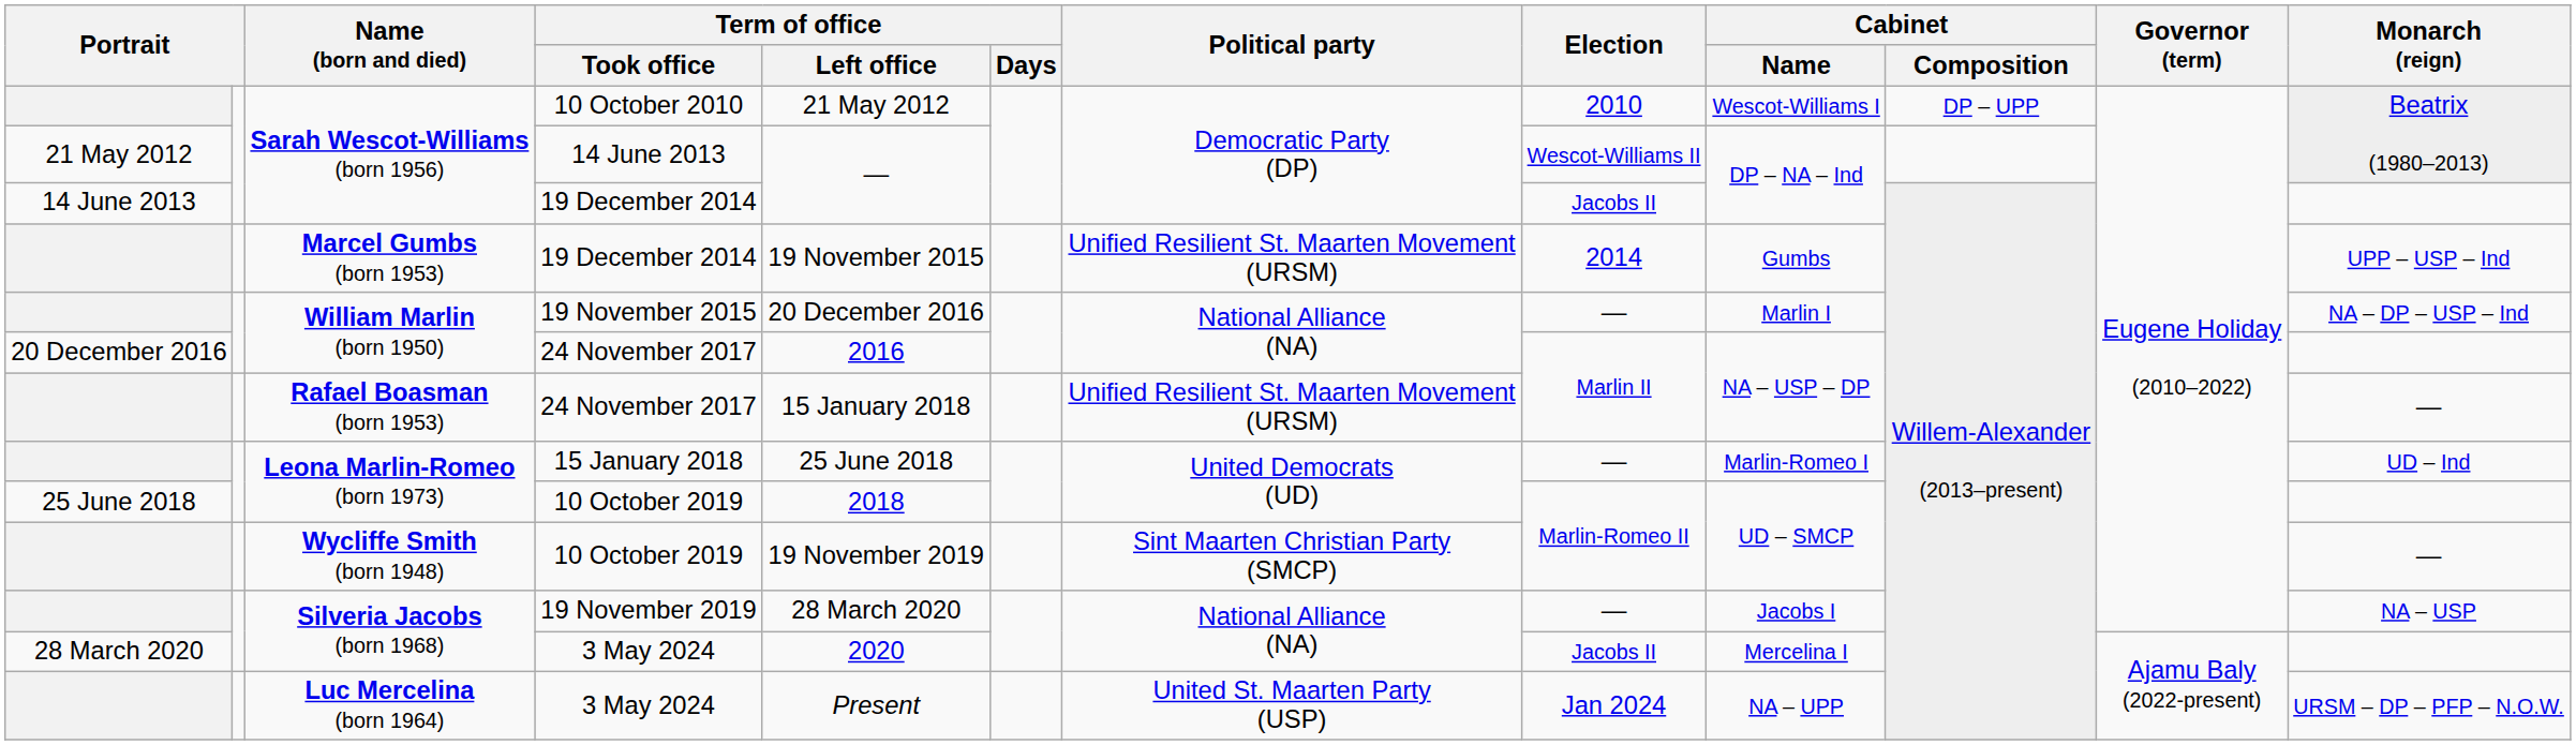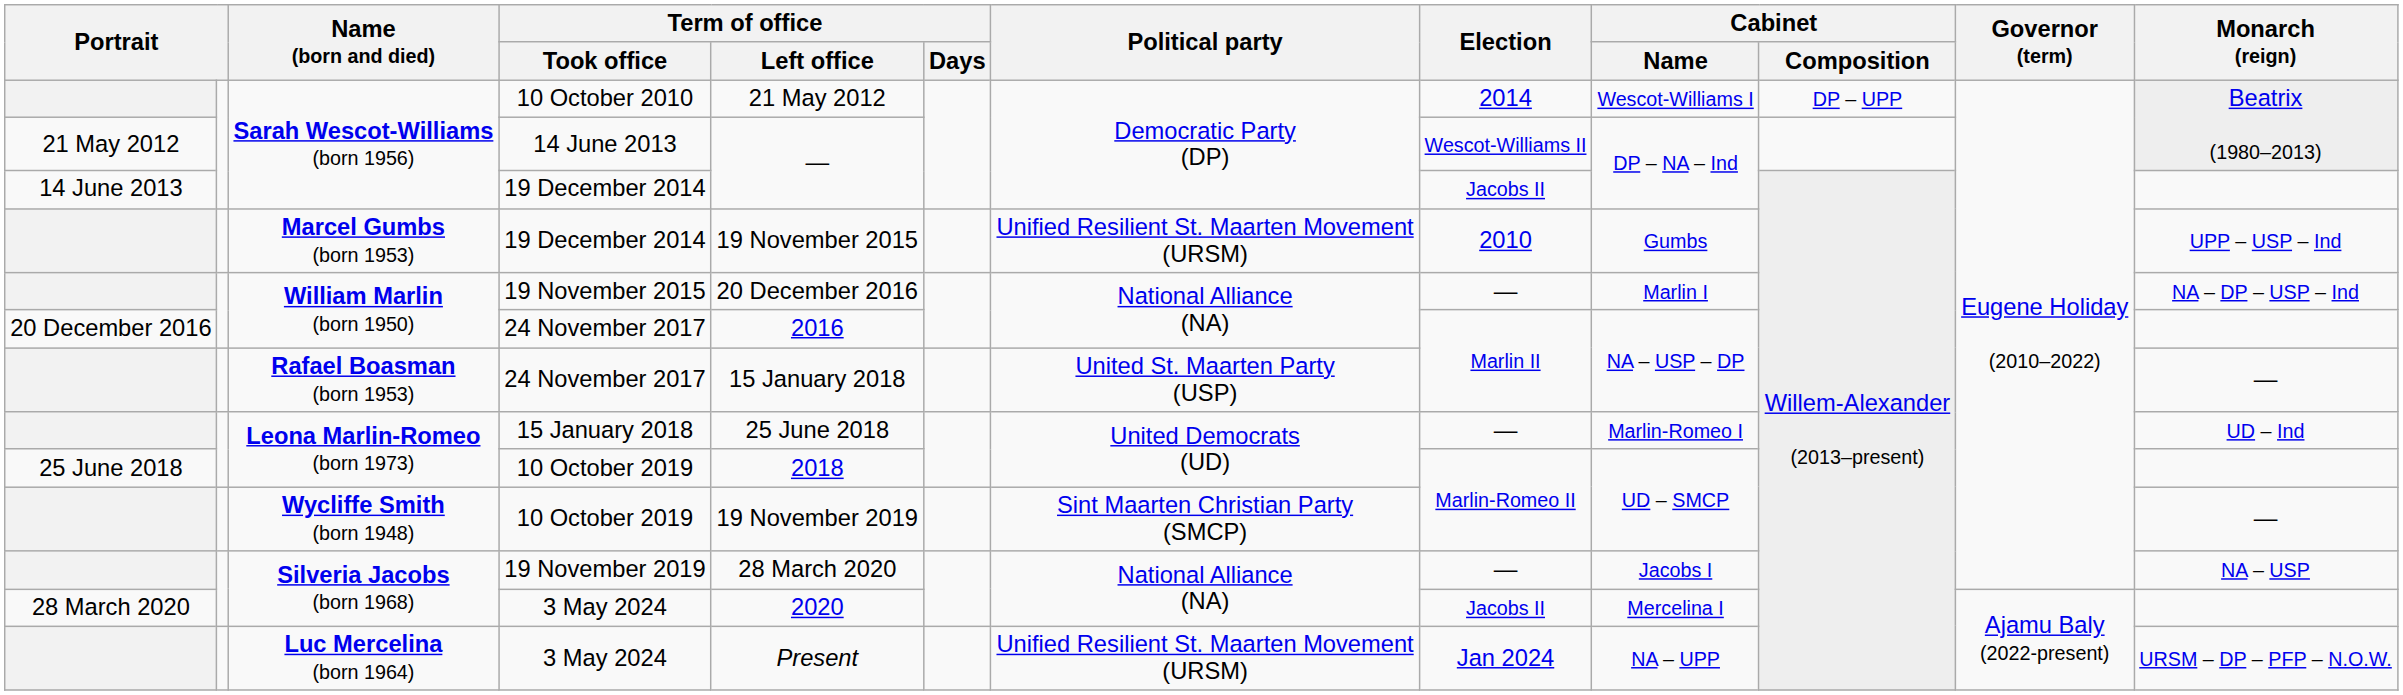 <table class="wikitable" style="text-align:center">
 <tr>
 <th rowspan=2 colspan=2>Portrait</th>
 <th rowspan=2>Name<br><small>(born and died)</small></th>
 <th colspan=3>Term of office</th>
 <th rowspan=2>Political party</th>
 <th rowspan=2>Election</th>
 <th colspan=2>Cabinet</th>
 <th rowspan=2>Governor<br><small>(term)</small></th>
 <th rowspan=2>Monarch<br><small>(reign)</small></th>
 </tr>
 <tr>
 <th>Took office</th>
 <th>Left office</th>
 <th>Days</th>
 <th>Name</th>
 <th>Composition</th>
 </tr>
 <tr>
 <th style="background:"></th>
 <td rowspan=3></td>
 <td rowspan=3><strong><a href='#'>Sarah Wescot-Williams</a></strong><br><small>(born 1956)</small></td>
 <td>10 October 2010</td>
 <td>21 May 2012</td>
 <td rowspan=3></td>
 <td rowspan=3><a href='#'>Democratic Party</a><br>(DP)</td>
-<td><a href='#'>2010</a></td>
+<td><a href='#'>2014</a></td>
 <td><small> <a href='#'>Wescot-Williams I</a></small></td>
 <td><small> <a href='#'>DP</a> – <a href='#'>UPP</a></small></td>
 <td rowspan="11"><a href='#'>Eugene Holiday</a><br><br><small>(2010–2022)</small></td>
 <td style="background:#EEEEEE" rowspan=2><a href='#'>Beatrix</a><br><br><small>(1980–2013)</small></td>
 </tr>
 <tr>
 <td>21 May 2012</td>
 <td>14 June 2013</td>
 <td rowspan=2>—</td>
 <td><small> <a href='#'>Wescot-Williams II</a></small></td>
 <td rowspan=2><small> <a href='#'>DP</a> – <a href='#'>NA</a> – <a href='#'>Ind</a></small></td>
 </tr>
 <tr>
 <td>14 June 2013</td>
 <td>19 December 2014</td>
 <td><small> <a href='#'>Jacobs II</a></small></td>
 <td rowspan="11" style="background:#EEEEEE"><a href='#'>Willem-Alexander</a><br><br><small>(2013–present)</small></td>
 </tr>
 <tr>
 <th style="background:"></th>
 <td></td>
 <td><strong><a href='#'>Marcel Gumbs</a></strong><br><small>(born 1953)</small></td>
 <td>19 December 2014</td>
 <td>19 November 2015</td>
 <td></td>
 <td><a href='#'>Unified Resilient St. Maarten Movement</a><br>(URSM)</td>
-<td><a href='#'>2014</a></td>
+<td><a href='#'>2010</a></td>
 <td><small> <a href='#'>Gumbs</a></small></td>
 <td><small> <a href='#'>UPP</a> – <a href='#'>USP</a> – <a href='#'>Ind</a></small></td>
 </tr>
 <tr>
 <th style="background:"></th>
 <td rowspan=2></td>
 <td rowspan=2><strong><a href='#'>William Marlin</a></strong><br><small>(born 1950)</small></td>
 <td>19 November 2015</td>
 <td>20 December 2016</td>
 <td rowspan=2></td>
 <td rowspan=2><a href='#'>National Alliance</a><br>(NA)</td>
 <td>—</td>
 <td><small> <a href='#'>Marlin I</a></small></td>
 <td><small> <a href='#'>NA</a> – <a href='#'>DP</a> – <a href='#'>USP</a> – <a href='#'>Ind</a></small></td>
 </tr>
 <tr>
 <td>20 December 2016</td>
 <td>24 November 2017</td>
 <td><a href='#'>2016</a></td>
 <td rowspan=2><small> <a href='#'>Marlin II</a></small></td>
 <td rowspan=2><small> <a href='#'>NA</a> – <a href='#'>USP</a> – <a href='#'>DP</a></small></td>
 </tr>
 <tr>
 <th style="background:"></th>
 <td></td>
 <td><strong><a href='#'>Rafael Boasman</a></strong><br><small>(born 1953)</small></td>
 <td>24 November 2017</td>
 <td>15 January 2018</td>
 <td></td>
-<td><a href='#'>Unified Resilient St. Maarten Movement</a><br>(URSM)</td>
+<td><a href='#'>United St. Maarten Party</a><br>(USP)</td>
 <td>—</td>
 </tr>
 <tr>
 <th style="background:"></th>
 <td rowspan=2></td>
 <td rowspan=2><strong><a href='#'>Leona Marlin-Romeo</a></strong><br><small>(born 1973)</small></td>
 <td>15 January 2018</td>
 <td>25 June 2018</td>
 <td rowspan=2></td>
 <td rowspan=2><a href='#'>United Democrats</a><br>(UD)</td>
 <td>—</td>
 <td><small> <a href='#'>Marlin-Romeo I</a></small></td>
 <td><small> <a href='#'>UD</a> – <a href='#'>Ind</a></small></td>
 </tr>
 <tr>
 <td>25 June 2018</td>
 <td>10 October 2019</td>
 <td><a href='#'>2018</a></td>
 <td rowspan=2><small> <a href='#'>Marlin-Romeo II</a></small></td>
 <td rowspan=2><small> <a href='#'>UD</a> – <a href='#'>SMCP</a></small></td>
 </tr>
 <tr>
 <th style="background:"></th>
 <td></td>
 <td><strong><a href='#'>Wycliffe Smith</a></strong><br><small>(born 1948)</small></td>
 <td>10 October 2019</td>
 <td>19 November 2019</td>
 <td></td>
 <td><a href='#'>Sint Maarten Christian Party</a><br>(SMCP)</td>
 <td>—</td>
 </tr>
 <tr>
 <th style="background:"></th>
 <td rowspan=2></td>
 <td rowspan=2><strong><a href='#'>Silveria Jacobs</a></strong><br><small>(born 1968)</small></td>
 <td>19 November 2019</td>
 <td>28 March 2020</td>
 <td rowspan=2></td>
 <td rowspan=2><a href='#'>National Alliance</a><br>(NA)</td>
 <td>—</td>
 <td><small> <a href='#'>Jacobs I</a></small></td>
 <td><small> <a href='#'>NA</a> – <a href='#'>USP</a> </small></td>
 </tr>
 <tr>
 <td>28 March 2020</td>
 <td>3 May 2024</td>
 <td><a href='#'>2020</a></td>
 <td><small> <a href='#'>Jacobs II</a></small></td>
 <td><small><a href='#'>Mercelina I</a></small></td>
 <td rowspan="2"><a href='#'>Ajamu Baly</a><br><small>(2022-present)</small></td>
 </tr>
 <tr>
 <th style="background:"></th>
 <td></td>
 <td><strong><a href='#'>Luc Mercelina</a></strong><br><small>(born 1964)</small></td>
 <td>3 May 2024</td>
 <td><em>Present</em></td>
 <td></td>
-<td><a href='#'>United St. Maarten Party</a><br>(USP)</td>
+<td><a href='#'>Unified Resilient St. Maarten Movement</a><br>(URSM)</td>
 <td><a href='#'>Jan 2024</a></td>
 <td><small> <a href='#'>NA</a> – <a href='#'>UPP</a> </small></td>
 <td><small><a href='#'>URSM</a> – <a href='#'>DP</a> – <a href='#'>PFP</a> – <a href='#'>N.O.W.</a></small></td>
 </tr>
 </table>
